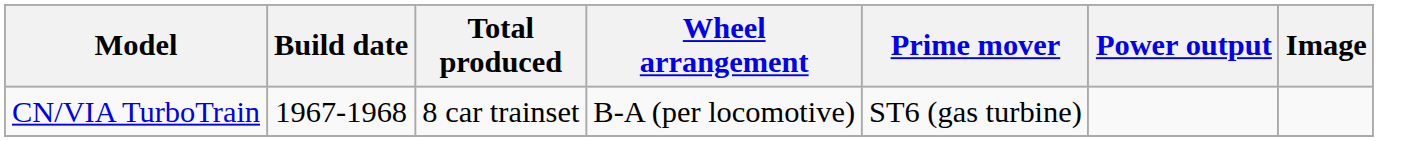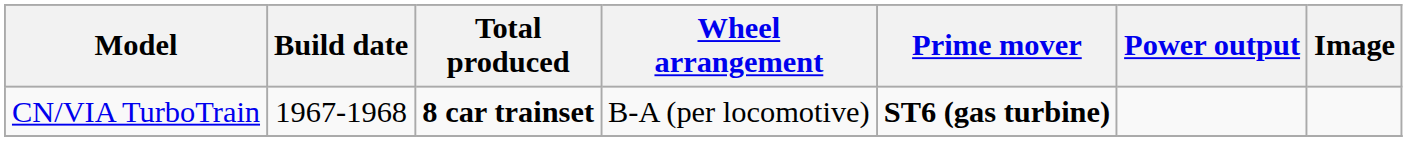 <table class="wikitable">
 <tr>
 <th>Model</th>
 <th>Build date</th>
 <th>Total<br>produced</th>
 <th><a href='#'>Wheel<br>arrangement</a></th>
 <th><a href='#'>Prime mover</a></th>
 <th><a href='#'>Power output</a></th>
 <th>Image</th>
 </tr>
 <tr style=text-align:center>
 <td><a href='#'>CN/VIA TurboTrain</a></td>
 <td>1967-1968</td>
-<td>8 car trainset</td>
+<td><strong>8 car trainset</strong></td>
 <td>B-A (per locomotive)</td>
-<td>ST6 (gas turbine)</td>
+<td><strong>ST6 (gas turbine)</strong></td>
 <td></td>
 <td></td>
 </tr>
 <tr style=text-align:center>
 </tr>
 <tr>
 </tr>
 </table>
